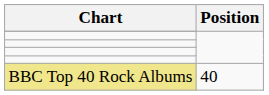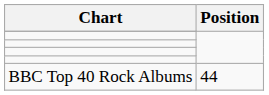 <table class="wikitable">
 <tr>
 <th>Chart</th>
 <th>Position</th>
 </tr>
 <tr>
 </tr>
 <tr>
 <td></td>
 </tr>
 <tr>
 <td></td>
 </tr>
 <tr>
 <td></td>
 </tr>
 <tr>
 <td></td>
 </tr>
 <tr>
-<td style="background: khaki;">BBC Top 40 Rock Albums</td>
-<td>40</td>
+<td>BBC Top 40 Rock Albums</td>
+<td>44</td>
 </tr>
 </table>
